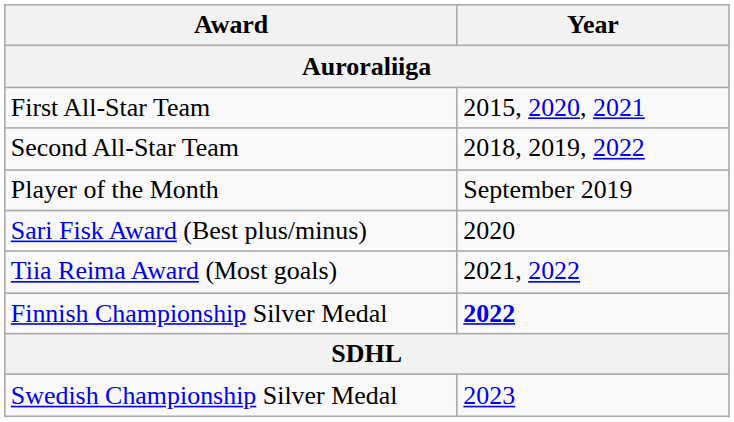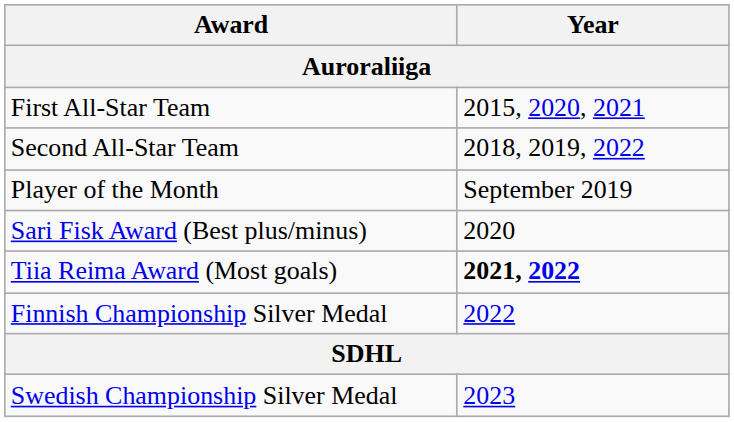 <table class="wikitable">
 <tr>
 <th scope="col" style="width:17em">Award</th>
 <th scope="col" style="width:10em">Year</th>
 </tr>
 <tr>
 <th colspan="2">Auroraliiga</th>
 </tr>
 <tr>
 <td>First All-Star Team</td>
 <td>2015, <a href='#'>2020</a>, <a href='#'>2021</a></td>
 </tr>
 <tr>
 <td>Second All-Star Team</td>
 <td>2018, 2019, <a href='#'>2022</a></td>
 </tr>
 <tr>
 <td>Player of the Month</td>
 <td>September 2019</td>
 </tr>
 <tr>
 <td><a href='#'>Sari Fisk Award</a> (Best plus/minus)</td>
 <td>2020</td>
 </tr>
 <tr>
 <td><a href='#'>Tiia Reima Award</a> (Most goals)</td>
-<td>2021, <a href='#'>2022</a></td>
+<td><strong>2021, <a href='#'>2022</a></strong></td>
 </tr>
 <tr>
 <td><a href='#'>Finnish Championship</a> Silver Medal</td>
-<td><strong><a href='#'>2022</a></strong></td>
+<td><a href='#'>2022</a></td>
 </tr>
 <tr>
 <th colspan="2">SDHL</th>
 </tr>
 <tr>
 <td><a href='#'>Swedish Championship</a> Silver Medal</td>
 <td><a href='#'>2023</a></td>
 </tr>
 </table>
